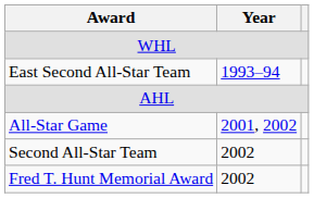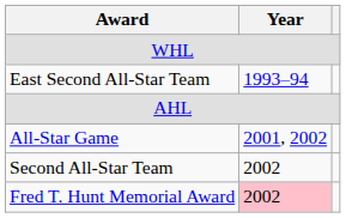 <table class="wikitable">
 <tr>
 <th>Award</th>
 <th>Year</th>
 <th></th>
 </tr>
 <tr ALIGN="center" bgcolor="#e0e0e0">
 <td colspan="3"><a href='#'>WHL</a></td>
 </tr>
 <tr>
 <td>East Second All-Star Team</td>
 <td><a href='#'>1993–94</a></td>
 <td></td>
 </tr>
 <tr ALIGN="center" bgcolor="#e0e0e0">
 <td colspan="3"><a href='#'>AHL</a></td>
 </tr>
 <tr>
 <td><a href='#'>All-Star Game</a></td>
 <td><a href='#'>2001</a>, <a href='#'>2002</a></td>
 <td></td>
 </tr>
 <tr>
 <td>Second All-Star Team</td>
 <td>2002</td>
 <td></td>
 </tr>
 <tr>
 <td><a href='#'>Fred T. Hunt Memorial Award</a></td>
-<td>2002</td>
+<td style="background: pink;">2002</td>
 <td></td>
 </tr>
 </table>
